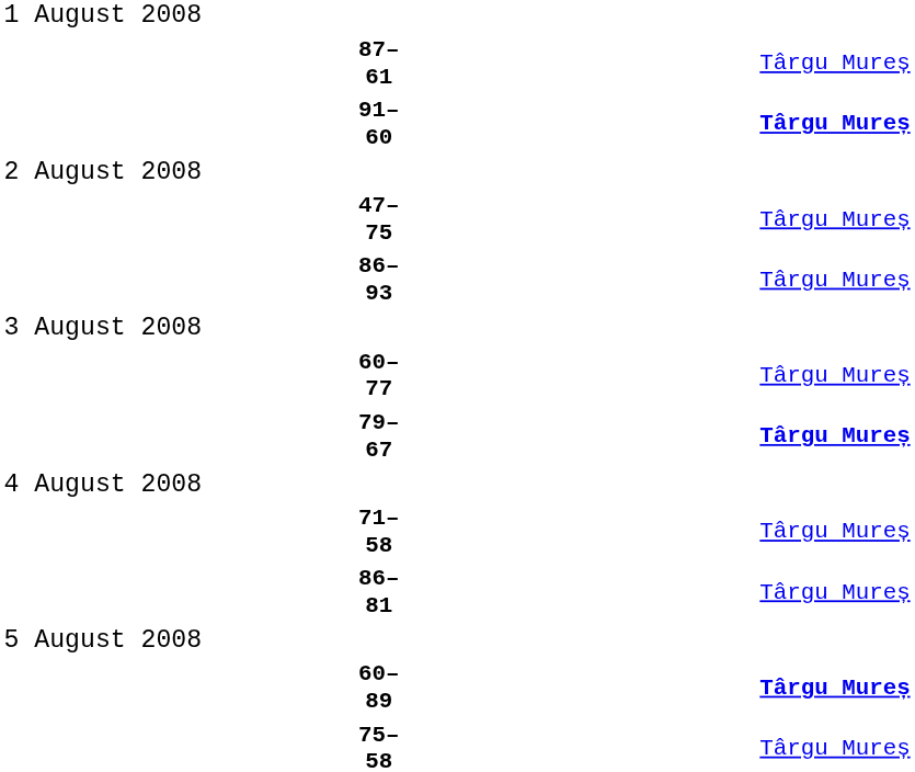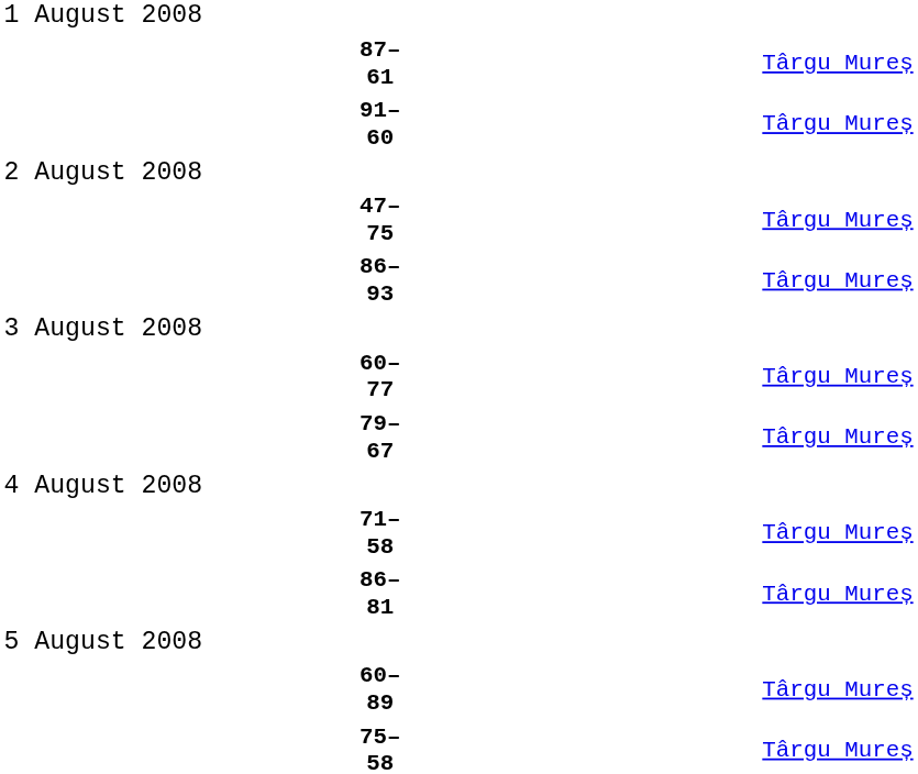 <table style="width:100%;" cellspacing="1">
 <tr>
 <th width=25%></th>
 <th width=3%></th>
 <th width=6%></th>
 <th width=3%></th>
 <th width=25%></th>
 </tr>
 <tr>
 <td>1 August 2008</td>
 </tr>
 <tr style=font-size:90%>
 <td align=right><strong></strong></td>
 <td></td>
 <td align=center><strong>87–61</strong></td>
 <td></td>
 <td><strong></strong></td>
 <td><a href='#'>Târgu Mureș</a></td>
 </tr>
 <tr style=font-size:90%>
 <td align=right><strong></strong></td>
 <td></td>
 <td align=center><strong>91–60</strong></td>
 <td></td>
 <td><strong></strong></td>
-<td><strong><a href='#'>Târgu Mureș</a></strong></td>
+<td><a href='#'>Târgu Mureș</a></td>
 </tr>
 <tr>
 <td>2 August 2008</td>
 </tr>
 <tr style=font-size:90%>
 <td align=right><strong></strong></td>
 <td></td>
 <td align=center><strong>47–75</strong></td>
 <td></td>
 <td><strong></strong></td>
 <td><a href='#'>Târgu Mureș</a></td>
 </tr>
 <tr style=font-size:90%>
 <td align=right><strong></strong></td>
 <td></td>
 <td align=center><strong>86–93</strong></td>
 <td></td>
 <td><strong></strong></td>
 <td><a href='#'>Târgu Mureș</a></td>
 </tr>
 <tr>
 <td>3 August 2008</td>
 </tr>
 <tr style=font-size:90%>
 <td align=right><strong></strong></td>
 <td></td>
 <td align=center><strong>60–77</strong></td>
 <td></td>
 <td><strong></strong></td>
 <td><a href='#'>Târgu Mureș</a></td>
 </tr>
 <tr style=font-size:90%>
 <td align=right><strong></strong></td>
 <td></td>
 <td align=center><strong>79–67</strong></td>
 <td></td>
 <td><strong></strong></td>
-<td><strong><a href='#'>Târgu Mureș</a></strong></td>
+<td><a href='#'>Târgu Mureș</a></td>
 </tr>
 <tr>
 <td>4 August 2008</td>
 </tr>
 <tr style=font-size:90%>
 <td align=right><strong></strong></td>
 <td></td>
 <td align=center><strong>71–58</strong></td>
 <td></td>
 <td><strong></strong></td>
 <td><a href='#'>Târgu Mureș</a></td>
 </tr>
 <tr style=font-size:90%>
 <td align=right><strong></strong></td>
 <td></td>
 <td align=center><strong>86–81</strong></td>
 <td></td>
 <td><strong></strong></td>
 <td><a href='#'>Târgu Mureș</a></td>
 </tr>
 <tr>
 <td>5 August 2008</td>
 </tr>
 <tr style=font-size:90%>
 <td align=right><strong></strong></td>
 <td></td>
 <td align=center><strong>60–89</strong></td>
 <td></td>
 <td><strong></strong></td>
-<td><strong><a href='#'>Târgu Mureș</a></strong></td>
+<td><a href='#'>Târgu Mureș</a></td>
 </tr>
 <tr style=font-size:90%>
 <td align=right><strong></strong></td>
 <td></td>
 <td align=center><strong>75–58</strong></td>
 <td></td>
 <td><strong></strong></td>
 <td><a href='#'>Târgu Mureș</a></td>
 </tr>
 </table>
